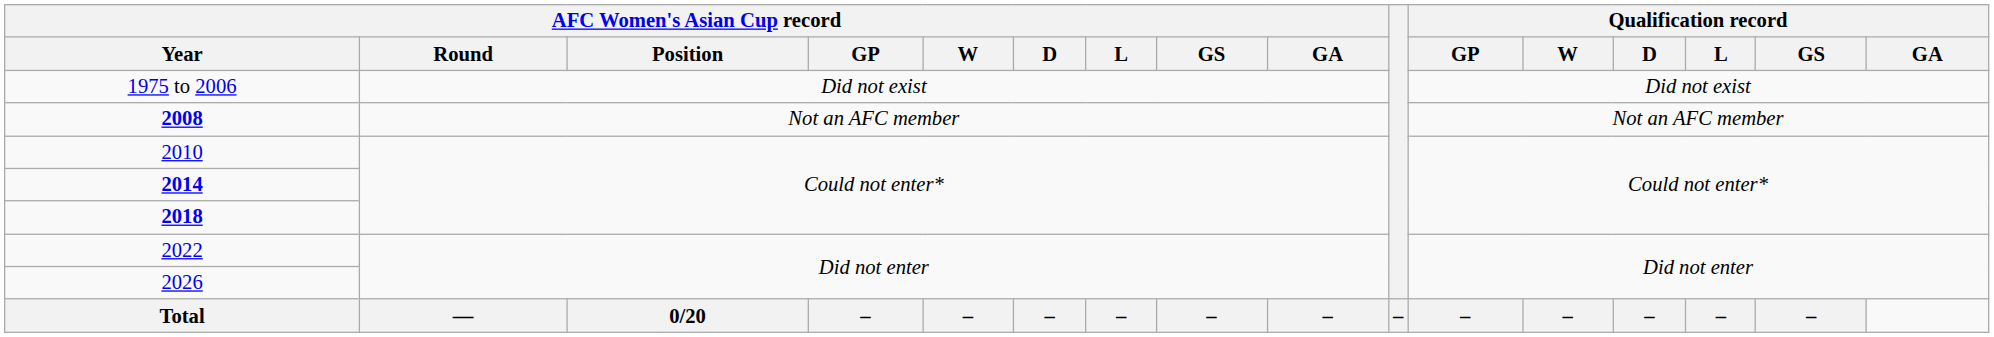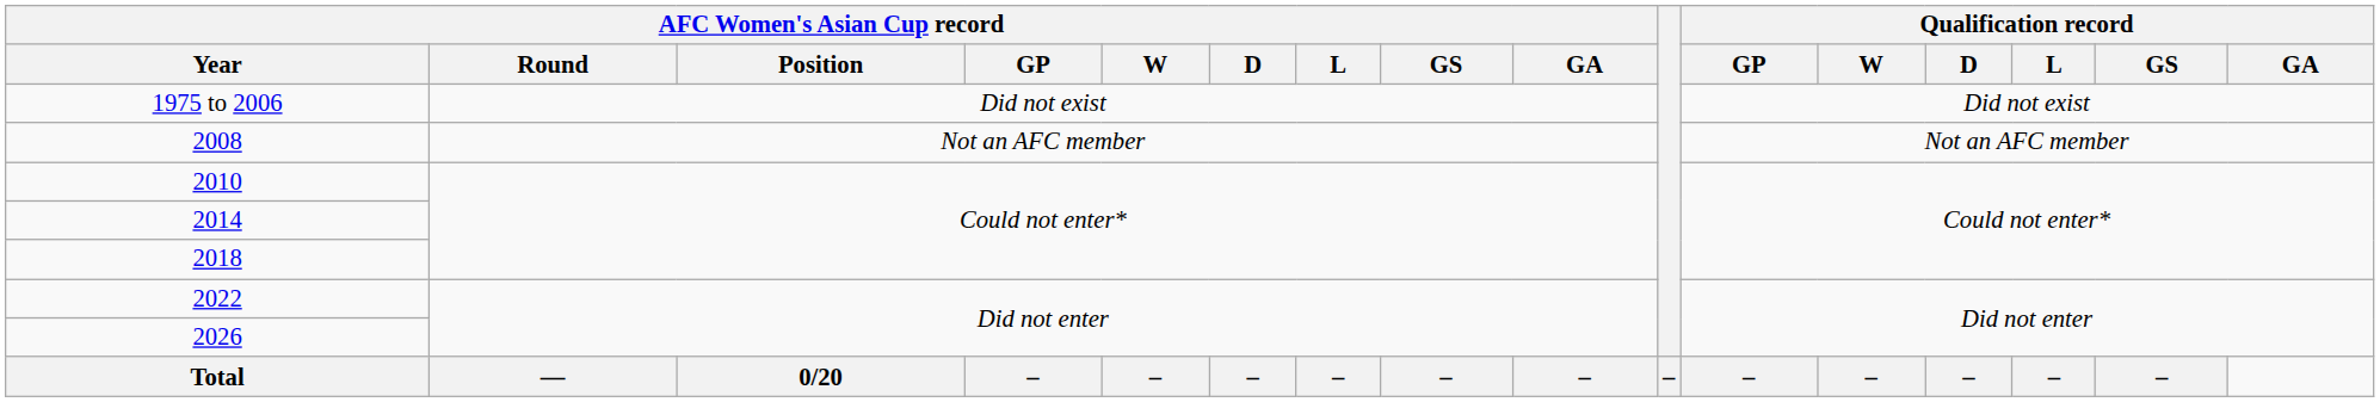 <table class="wikitable" style="text-align: center;">
 <tr>
 <th colspan=9><a href='#'>AFC Women's Asian Cup</a> record</th>
 <th style="width:1%;" rowspan="9"></th>
 <th colspan=9>Qualification record</th>
 </tr>
 <tr>
 <th>Year</th>
 <th>Round</th>
 <th>Position</th>
 <th>GP</th>
 <th>W</th>
 <th>D</th>
 <th>L</th>
 <th>GS</th>
 <th>GA</th>
 <th>GP</th>
 <th>W</th>
 <th>D</th>
 <th>L</th>
 <th>GS</th>
 <th>GA</th>
 </tr>
 <tr>
 <td> <a href='#'>1975</a> to  <a href='#'>2006</a></td>
 <td colspan=8><em>Did not exist</em></td>
 <td colspan=6><em>Did not exist</em></td>
 </tr>
 <tr>
-<td><strong> <a href='#'>2008</a></strong></td>
+<td> <a href='#'>2008</a></td>
 <td colspan=8><em>Not an AFC member</em></td>
 <td colspan=6><em>Not an AFC member</em></td>
 </tr>
 <tr>
 <td> <a href='#'>2010</a></td>
 <td colspan=8 rowspan=3><em>Could not enter*</em></td>
 <td colspan=6 rowspan=3><em>Could not enter*</em></td>
 </tr>
 <tr>
-<td><strong> <a href='#'>2014</a></strong></td>
+<td> <a href='#'>2014</a></td>
 </tr>
 <tr>
-<td><strong> <a href='#'>2018</a></strong></td>
+<td> <a href='#'>2018</a></td>
 </tr>
 <tr>
 <td> <a href='#'>2022</a></td>
 <td rowspan=2 colspan=8><em>Did not enter</em></td>
 <td rowspan=2 colspan=6><em>Did not enter</em></td>
 </tr>
 <tr>
 <td> <a href='#'>2026</a></td>
 </tr>
 <tr>
 <th><strong>Total</strong></th>
 <th><strong>—</strong></th>
 <th><strong>0/20</strong></th>
 <th><strong>–</strong></th>
 <th><strong>–</strong></th>
 <th><strong>–</strong></th>
 <th><strong>–</strong></th>
 <th><strong>–</strong></th>
 <th><strong>–</strong></th>
 <th><strong>–</strong></th>
 <th><strong>–</strong></th>
 <th><strong>–</strong></th>
 <th><strong>–</strong></th>
 <th><strong>–</strong></th>
 <th><strong>–</strong></th>
 </tr>
 </table>
